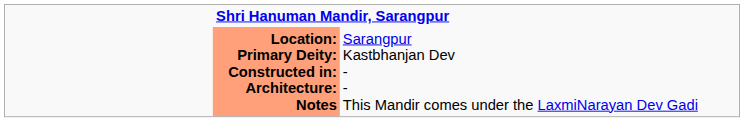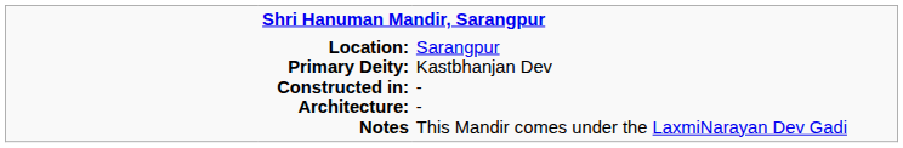 <table class="wikitable plain" border="0" width="800">
 <tr>
 <td width="220px" rowspan="2" style="border:none;"></td>
 <td valign="top" colspan=2 style="border:none;"><strong><a href='#'>Shri Hanuman Mandir, Sarangpur</a></strong></td>
 </tr>
 <tr>
-<td valign="top" style="background: lightsalmon; text-align:right; border:none;"><strong>Location:</strong> <br><strong>Primary Deity:</strong><br><strong>Constructed in:</strong><br><strong>Architecture:</strong><br><strong>Notes</strong></td>
+<td valign="top" style="text-align:right; border:none;"><strong>Location:</strong> <br><strong>Primary Deity:</strong><br><strong>Constructed in:</strong><br><strong>Architecture:</strong><br><strong>Notes</strong></td>
 <td valign="top" style="border:none;"><a href='#'>Sarangpur</a> <br>Kastbhanjan Dev   <br>- <br>- <br>This Mandir comes under the <a href='#'>LaxmiNarayan Dev Gadi</a></td>
 </tr>
 </table>
